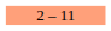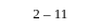 <table style="text-align:center">
 <tr>
 <th width=200></th>
 <th width=100></th>
 <th width=200></th>
 </tr>
 <tr>
 <td align=right></td>
-<td style="background: lightsalmon;">2 – 11</td>
+<td>2 – 11</td>
 <td align=left><strong></strong></td>
 </tr>
 </table>
